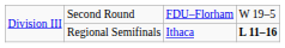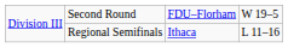 <table class="wikitable">
 <tr>
 <td rowspan="5"><a href='#'>Division III</a></td>
 <td>Second Round</td>
 <td><a href='#'>FDU–Florham</a></td>
 <td>W 19–5</td>
 </tr>
 <tr>
 <td>Regional Semifinals</td>
 <td><a href='#'>Ithaca</a></td>
-<td><strong>L 11–16</strong></td>
+<td>L 11–16</td>
 </tr>
 </table>
